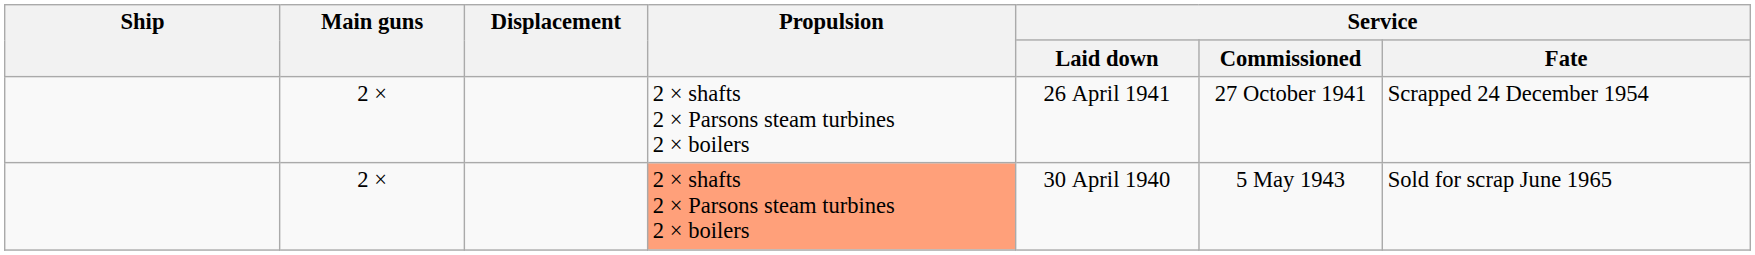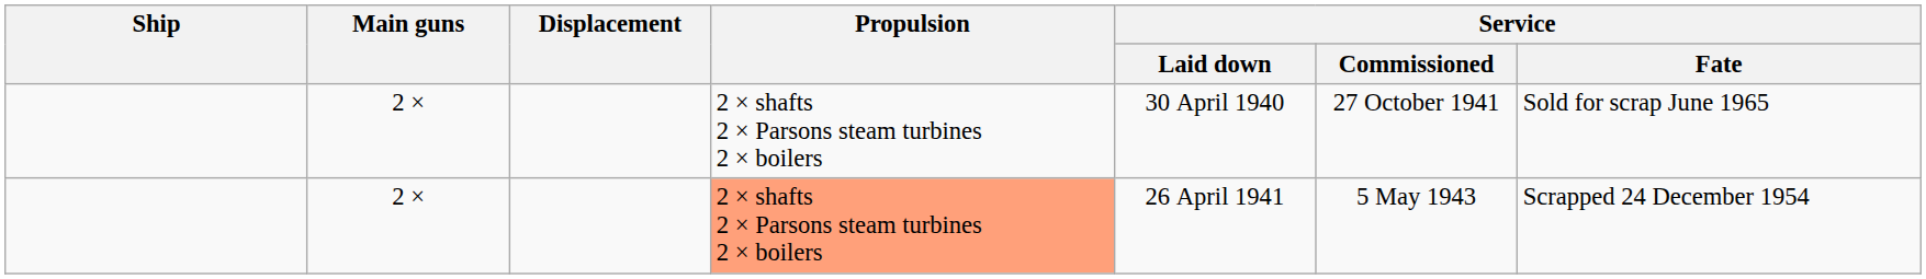 <table class="wikitable" style="width:98%;">
 <tr valign="top"|- valign="top">
 <th style="width:15%; text-align:center;" rowspan="2">Ship</th>
 <th style="width:10%; text-align:center;" rowspan="2">Main guns</th>
 <th style="width:10%; text-align:center;" rowspan="2">Displacement</th>
 <th style="width:20%; text-align:center;" rowspan="2">Propulsion</th>
 <th style="width:40%; text-align:center;" colspan="3">Service</th>
 </tr>
 <tr valign="top">
 <th style="width:10%; text-align:center;">Laid down</th>
 <th style="width:10%; text-align:center;">Commissioned</th>
 <th style="width:20%; text-align:center;">Fate</th>
 </tr>
 <tr valign="top">
 <td align= left></td>
 <td style="text-align:center;">2 × </td>
 <td style="text-align:center;"></td>
 <td align= left>2 × shafts<br>2 × Parsons steam turbines<br>2 × boilers</td>
-<td style="text-align:center;">26 April 1941</td>
+<td style="text-align:center;">30 April 1940</td>
 <td style="text-align:center;">27 October 1941</td>
-<td align= left>Scrapped 24 December 1954</td>
+<td align= left>Sold for scrap June 1965</td>
 </tr>
 <tr valign="top">
 <td align= left></td>
 <td style="text-align:center;">2 × </td>
 <td style="text-align:center;"></td>
 <td align= left style="background: lightsalmon;">2 × shafts<br>2 × Parsons steam turbines<br>2 × boilers</td>
-<td style="text-align:center;">30 April 1940</td>
+<td style="text-align:center;">26 April 1941</td>
 <td style="text-align:center;">5 May 1943</td>
-<td align= left>Sold for scrap June 1965</td>
+<td align= left>Scrapped 24 December 1954</td>
 </tr>
 </table>
